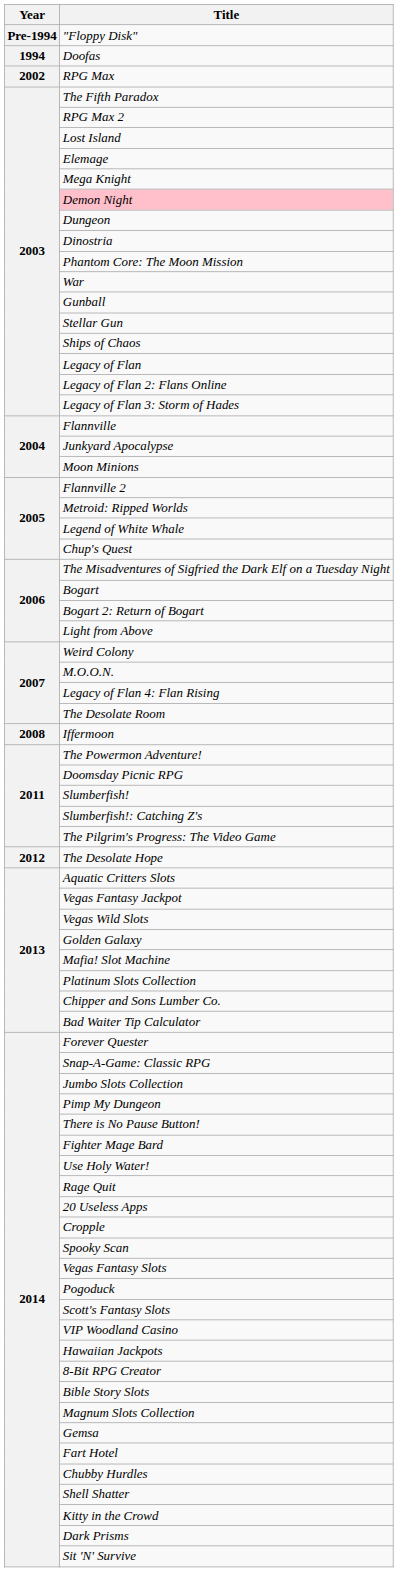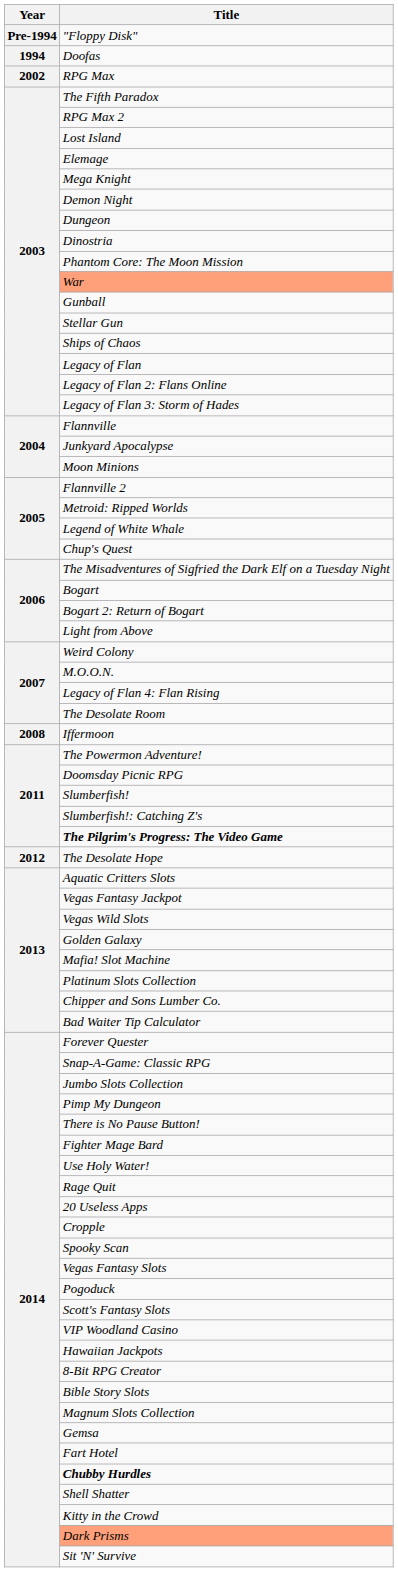 <table class="wikitable sortable">
 <tr>
 <th scope="col">Year</th>
 <th scope="col">Title</th>
 </tr>
 <tr>
 <th scope="row">Pre-1994</th>
 <td><em>"Floppy Disk"</em></td>
 </tr>
 <tr>
 <th scope="row">1994</th>
 <td><em>Doofas</em></td>
 </tr>
 <tr>
 <th scope="row">2002</th>
 <td><em>RPG Max</em></td>
 </tr>
 <tr>
 <th rowspan="16" scope="row">2003</th>
 <td><em>The Fifth Paradox</em></td>
 </tr>
 <tr>
 <td><em>RPG Max 2</em></td>
 </tr>
 <tr>
 <td><em>Lost Island</em></td>
 </tr>
 <tr>
 <td><em>Elemage</em></td>
 </tr>
 <tr>
 <td><em>Mega Knight</em></td>
 </tr>
 <tr>
-<td style="background: pink;"><em>Demon Night</em></td>
+<td><em>Demon Night</em></td>
 </tr>
 <tr>
 <td><em>Dungeon</em></td>
 </tr>
 <tr>
 <td><em>Dinostria</em></td>
 </tr>
 <tr>
 <td><em>Phantom Core: The Moon Mission</em></td>
 </tr>
 <tr>
-<td><em>War</em></td>
+<td style="background: lightsalmon;"><em>War</em></td>
 </tr>
 <tr>
 <td><em>Gunball</em></td>
 </tr>
 <tr>
 <td><em>Stellar Gun</em></td>
 </tr>
 <tr>
 <td><em>Ships of Chaos</em></td>
 </tr>
 <tr>
 <td><em>Legacy of Flan</em></td>
 </tr>
 <tr>
 <td><em>Legacy of Flan 2: Flans Online</em></td>
 </tr>
 <tr>
 <td><em>Legacy of Flan 3: Storm of Hades</em></td>
 </tr>
 <tr>
 <th rowspan="3" scope="row">2004</th>
 <td><em>Flannville</em></td>
 </tr>
 <tr>
 <td><em>Junkyard Apocalypse</em></td>
 </tr>
 <tr>
 <td><em>Moon Minions</em></td>
 </tr>
 <tr>
 <th rowspan="4" scope="row">2005</th>
 <td><em>Flannville 2</em></td>
 </tr>
 <tr>
 <td><em>Metroid: Ripped Worlds</em></td>
 </tr>
 <tr>
 <td><em>Legend of White Whale</em></td>
 </tr>
 <tr>
 <td><em>Chup's Quest</em></td>
 </tr>
 <tr>
 <th rowspan="4" scope="row">2006</th>
 <td><em>The Misadventures of Sigfried the Dark Elf on a Tuesday Night</em></td>
 </tr>
 <tr>
 <td><em>Bogart</em></td>
 </tr>
 <tr>
 <td><em>Bogart 2: Return of Bogart</em></td>
 </tr>
 <tr>
 <td><em>Light from Above</em></td>
 </tr>
 <tr>
 <th rowspan="4" scope="row">2007</th>
 <td><em>Weird Colony</em></td>
 </tr>
 <tr>
 <td><em>M.O.O.N.</em></td>
 </tr>
 <tr>
 <td><em>Legacy of Flan 4: Flan Rising</em></td>
 </tr>
 <tr>
 <td><em>The Desolate Room</em></td>
 </tr>
 <tr>
 <th scope="row">2008</th>
 <td><em>Iffermoon</em></td>
 </tr>
 <tr>
 <th rowspan="5" scope="row">2011</th>
 <td><em>The Powermon Adventure!</em></td>
 </tr>
 <tr>
 <td><em>Doomsday Picnic RPG</em></td>
 </tr>
 <tr>
 <td><em>Slumberfish!</em></td>
 </tr>
 <tr>
 <td><em>Slumberfish!: Catching Z's</em></td>
 </tr>
 <tr>
-<td><em>The Pilgrim's Progress: The Video Game</em></td>
+<td><strong><em>The Pilgrim's Progress: The Video Game</em></strong></td>
 </tr>
 <tr>
 <th scope="row">2012</th>
 <td><em>The Desolate Hope</em></td>
 </tr>
 <tr>
 <th rowspan="8" scope="row">2013</th>
 <td><em>Aquatic Critters Slots</em></td>
 </tr>
 <tr>
 <td><em>Vegas Fantasy Jackpot</em></td>
 </tr>
 <tr>
 <td><em>Vegas Wild Slots</em></td>
 </tr>
 <tr>
 <td><em>Golden Galaxy</em></td>
 </tr>
 <tr>
 <td><em>Mafia! Slot Machine</em></td>
 </tr>
 <tr>
 <td><em>Platinum Slots Collection</em></td>
 </tr>
 <tr>
 <td><em>Chipper and Sons Lumber Co.</em></td>
 </tr>
 <tr>
 <td><em>Bad Waiter Tip Calculator</em></td>
 </tr>
 <tr>
 <th rowspan="26" scope="row">2014</th>
 <td><em>Forever Quester</em></td>
 </tr>
 <tr>
 <td><em>Snap-A-Game: Classic RPG</em></td>
 </tr>
 <tr>
 <td><em>Jumbo Slots Collection</em></td>
 </tr>
 <tr>
 <td><em>Pimp My Dungeon</em></td>
 </tr>
 <tr>
 <td><em>There is No Pause Button!</em></td>
 </tr>
 <tr>
 <td><em>Fighter Mage Bard</em></td>
 </tr>
 <tr>
 <td><em>Use Holy Water!</em></td>
 </tr>
 <tr>
 <td><em>Rage Quit</em></td>
 </tr>
 <tr>
 <td><em>20 Useless Apps</em></td>
 </tr>
 <tr>
 <td><em>Cropple</em></td>
 </tr>
 <tr>
 <td><em>Spooky Scan</em></td>
 </tr>
 <tr>
 <td><em>Vegas Fantasy Slots</em></td>
 </tr>
 <tr>
 <td><em>Pogoduck</em></td>
 </tr>
 <tr>
 <td><em>Scott's Fantasy Slots</em></td>
 </tr>
 <tr>
 <td><em>VIP Woodland Casino</em></td>
 </tr>
 <tr>
 <td><em>Hawaiian Jackpots</em></td>
 </tr>
 <tr>
 <td><em>8-Bit RPG Creator</em></td>
 </tr>
 <tr>
 <td><em>Bible Story Slots</em></td>
 </tr>
 <tr>
 <td><em>Magnum Slots Collection</em></td>
 </tr>
 <tr>
 <td><em>Gemsa</em></td>
 </tr>
 <tr>
 <td><em>Fart Hotel</em></td>
 </tr>
 <tr>
-<td><em>Chubby Hurdles</em></td>
+<td><strong><em>Chubby Hurdles</em></strong></td>
 </tr>
 <tr>
 <td><em>Shell Shatter</em></td>
 </tr>
 <tr>
 <td><em>Kitty in the Crowd</em></td>
 </tr>
 <tr>
-<td><em>Dark Prisms</em></td>
+<td style="background: lightsalmon;"><em>Dark Prisms</em></td>
 </tr>
 <tr>
 <td><em>Sit 'N' Survive</em></td>
 </tr>
 </table>
